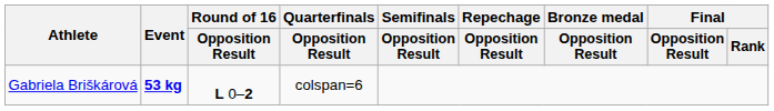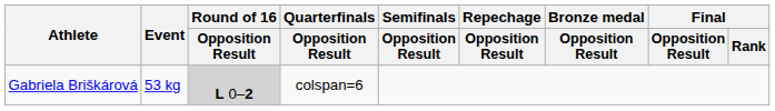 <table class="wikitable" style="font-size:90%">
 <tr>
 <th rowspan="2">Athlete</th>
 <th rowspan="2">Event</th>
 <th>Round of 16</th>
 <th>Quarterfinals</th>
 <th>Semifinals</th>
 <th>Repechage</th>
 <th>Bronze medal</th>
 <th colspan=2>Final</th>
 </tr>
 <tr style="font-size:95%">
 <th>Opposition<br>Result</th>
 <th>Opposition<br>Result</th>
 <th>Opposition<br>Result</th>
 <th>Opposition<br>Result</th>
 <th>Opposition<br>Result</th>
 <th>Opposition<br>Result</th>
 <th>Rank</th>
 </tr>
 <tr align=center>
 <td align=left><a href='#'>Gabriela Briškárová</a></td>
-<td align=left><strong><a href='#'>53 kg</a></strong></td>
-<td><br> <strong>L</strong> 0–<strong>2</strong></td>
+<td align=left><a href='#'>53 kg</a></td>
+<td style="background: lightgrey;"><br> <strong>L</strong> 0–<strong>2</strong></td>
 <td>colspan=6 </td>
 </tr>
 </table>
